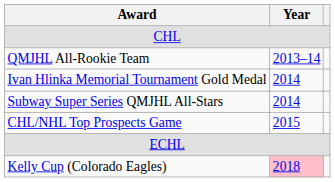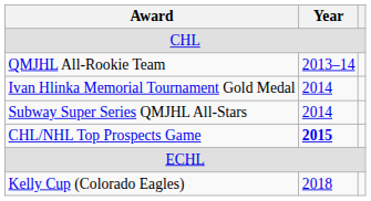 <table class="wikitable">
 <tr>
 <th>Award</th>
 <th>Year</th>
 <th></th>
 </tr>
 <tr ALIGN="center" bgcolor="#e0e0e0">
 <td colspan="3"><a href='#'>CHL</a></td>
 </tr>
 <tr>
 <td><a href='#'>QMJHL</a> All-Rookie Team</td>
 <td><a href='#'>2013–14</a></td>
 <td></td>
 </tr>
 <tr>
 <td><a href='#'>Ivan Hlinka Memorial Tournament</a> Gold Medal</td>
 <td><a href='#'>2014</a></td>
 <td></td>
 </tr>
 <tr>
 <td><a href='#'>Subway Super Series</a> QMJHL All-Stars</td>
 <td><a href='#'>2014</a></td>
 <td></td>
 </tr>
 <tr>
 <td><a href='#'>CHL/NHL Top Prospects Game</a></td>
-<td><a href='#'>2015</a></td>
+<td><strong><a href='#'>2015</a></strong></td>
 <td></td>
 </tr>
 <tr ALIGN="center" bgcolor="#e0e0e0">
 <td colspan="3"><a href='#'>ECHL</a></td>
 </tr>
 <tr>
 <td><a href='#'>Kelly Cup</a> (Colorado Eagles)</td>
-<td style="background: pink;"><a href='#'>2018</a></td>
+<td><a href='#'>2018</a></td>
 <td></td>
 </tr>
 </table>
